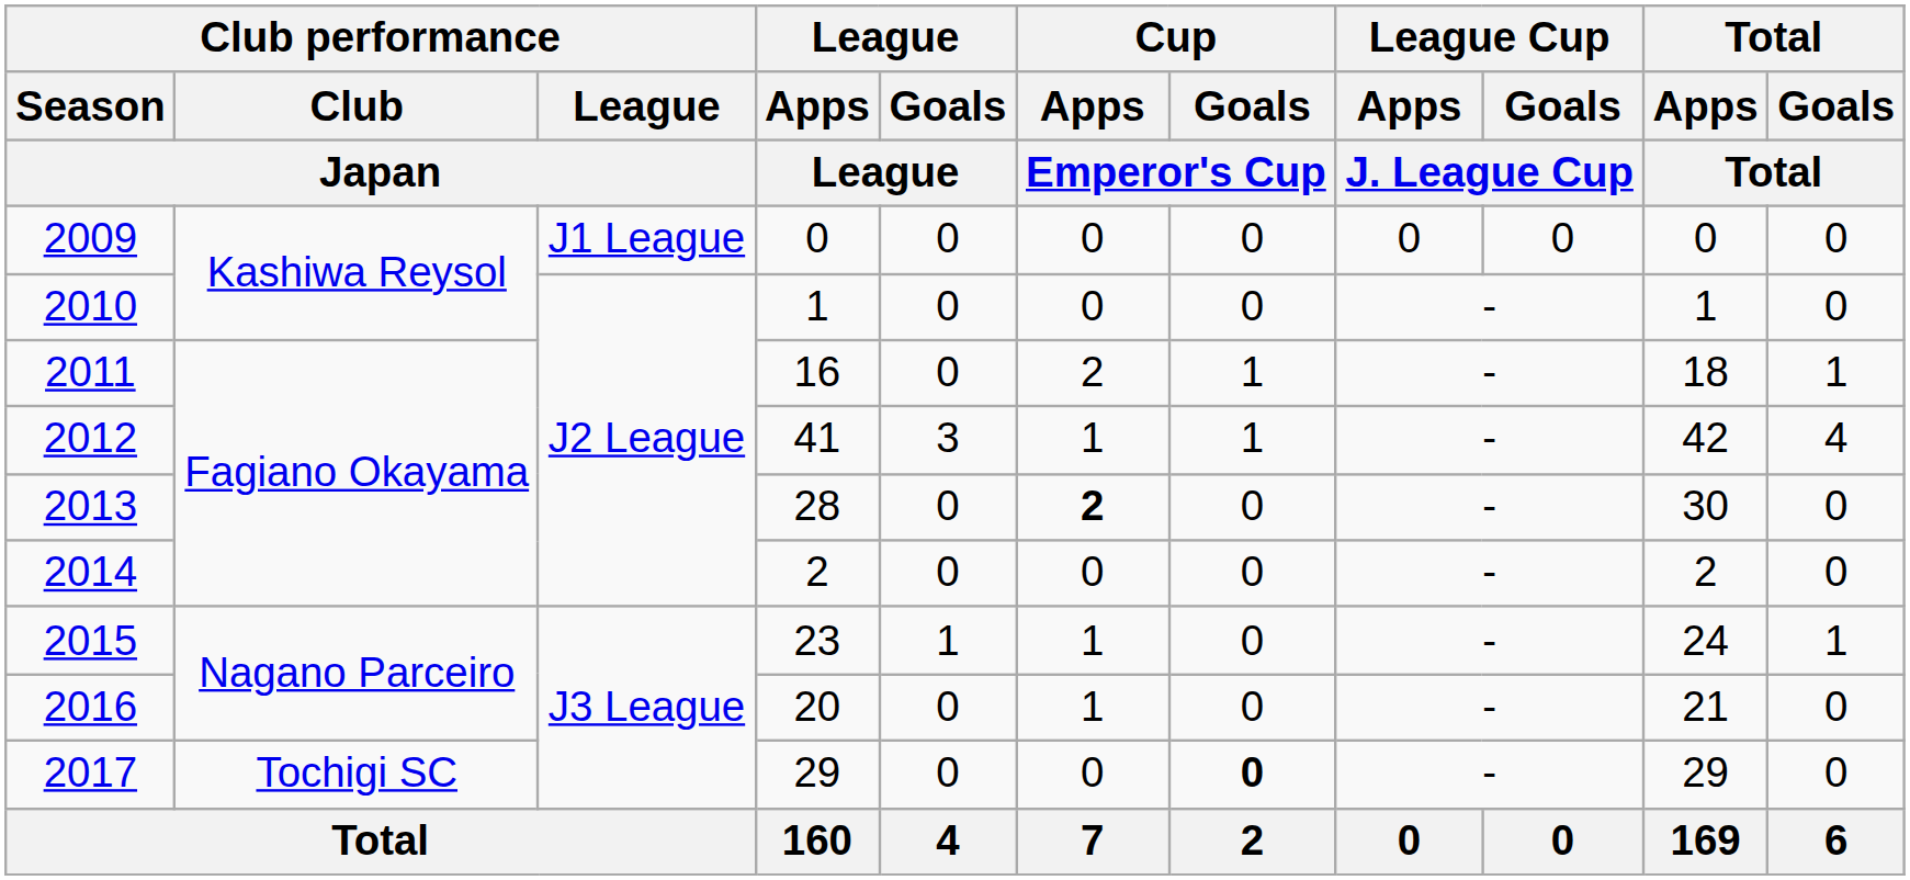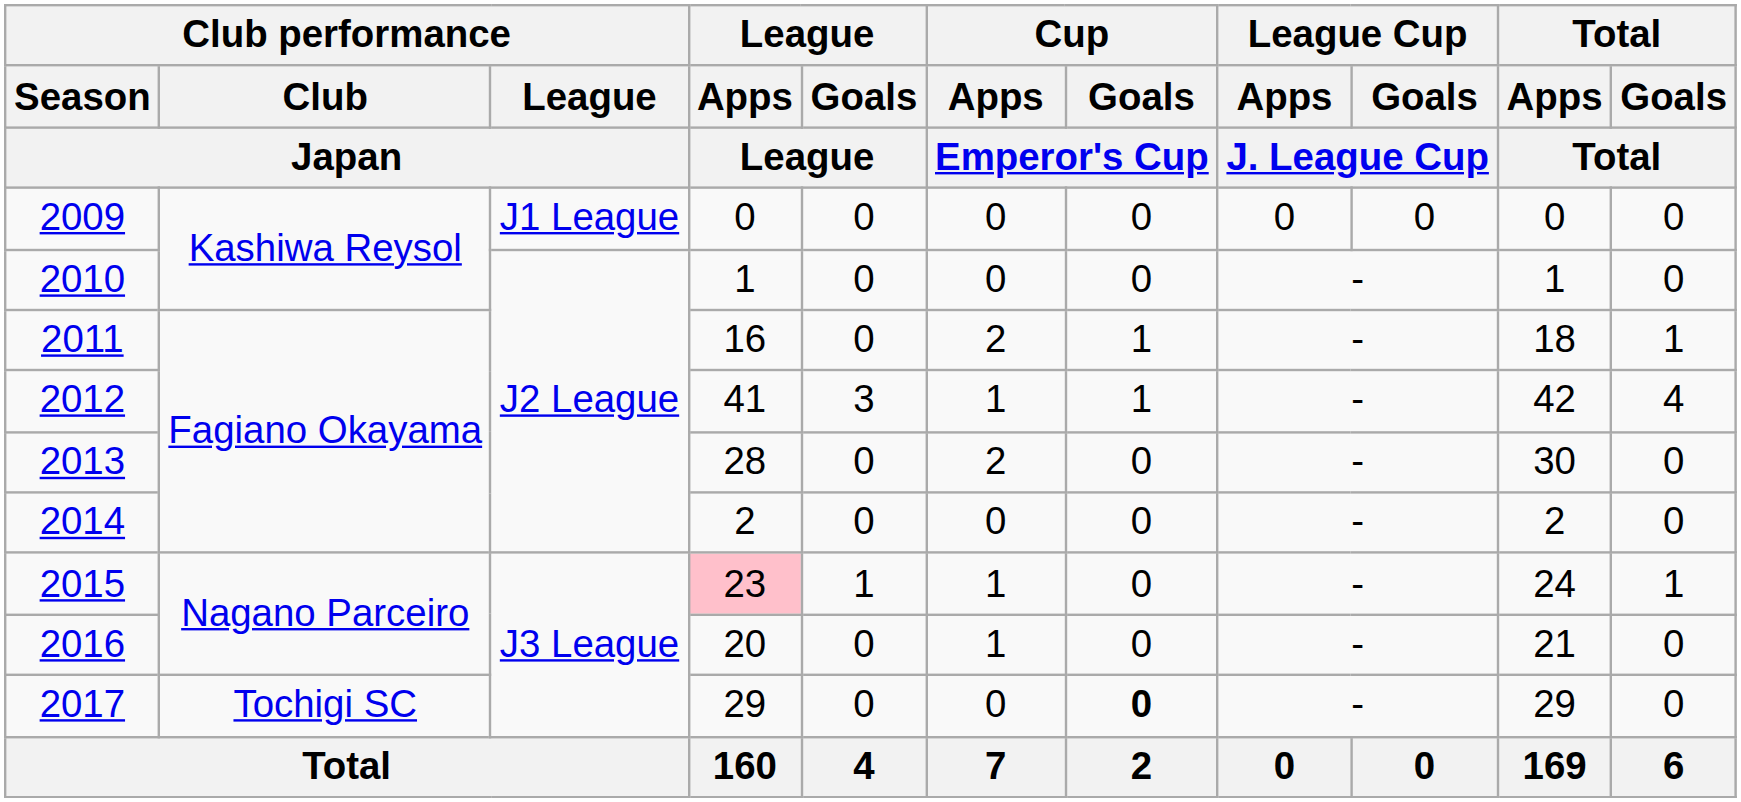 <table class="wikitable" style="text-align:center;">
 <tr>
 <th colspan=3>Club performance</th>
 <th colspan=2>League</th>
 <th colspan=2>Cup</th>
 <th colspan=2>League Cup</th>
 <th colspan=2>Total</th>
 </tr>
 <tr>
 <th>Season</th>
 <th>Club</th>
 <th>League</th>
 <th>Apps</th>
 <th>Goals</th>
 <th>Apps</th>
 <th>Goals</th>
 <th>Apps</th>
 <th>Goals</th>
 <th>Apps</th>
 <th>Goals</th>
 </tr>
 <tr>
 <th colspan=3>Japan</th>
 <th colspan=2>League</th>
 <th colspan=2><a href='#'>Emperor's Cup</a></th>
 <th colspan=2><a href='#'>J. League Cup</a></th>
 <th colspan=2>Total</th>
 </tr>
 <tr>
 <td><a href='#'>2009</a></td>
 <td rowspan="2"><a href='#'>Kashiwa Reysol</a></td>
 <td><a href='#'>J1 League</a></td>
 <td>0</td>
 <td>0</td>
 <td>0</td>
 <td>0</td>
 <td>0</td>
 <td>0</td>
 <td>0</td>
 <td>0</td>
 </tr>
 <tr>
 <td><a href='#'>2010</a></td>
 <td rowspan="5"><a href='#'>J2 League</a></td>
 <td>1</td>
 <td>0</td>
 <td>0</td>
 <td>0</td>
 <td colspan="2">-</td>
 <td>1</td>
 <td>0</td>
 </tr>
 <tr>
 <td><a href='#'>2011</a></td>
 <td rowspan="4"><a href='#'>Fagiano Okayama</a></td>
 <td>16</td>
 <td>0</td>
 <td>2</td>
 <td>1</td>
 <td colspan="2">-</td>
 <td>18</td>
 <td>1</td>
 </tr>
 <tr>
 <td><a href='#'>2012</a></td>
 <td>41</td>
 <td>3</td>
 <td>1</td>
 <td>1</td>
 <td colspan="2">-</td>
 <td>42</td>
 <td>4</td>
 </tr>
 <tr>
 <td><a href='#'>2013</a></td>
 <td>28</td>
 <td>0</td>
-<td><strong>2</strong></td>
+<td>2</td>
 <td>0</td>
 <td colspan="2">-</td>
 <td>30</td>
 <td>0</td>
 </tr>
 <tr>
 <td><a href='#'>2014</a></td>
 <td>2</td>
 <td>0</td>
 <td>0</td>
 <td>0</td>
 <td colspan="2">-</td>
 <td>2</td>
 <td>0</td>
 </tr>
 <tr>
 <td><a href='#'>2015</a></td>
 <td rowspan="2"><a href='#'>Nagano Parceiro</a></td>
 <td rowspan="3"><a href='#'>J3 League</a></td>
-<td>23</td>
+<td style="background: pink;">23</td>
 <td>1</td>
 <td>1</td>
 <td>0</td>
 <td colspan="2">-</td>
 <td>24</td>
 <td>1</td>
 </tr>
 <tr>
 <td><a href='#'>2016</a></td>
 <td>20</td>
 <td>0</td>
 <td>1</td>
 <td>0</td>
 <td colspan="2">-</td>
 <td>21</td>
 <td>0</td>
 </tr>
 <tr>
 <td><a href='#'>2017</a></td>
 <td rowspan="1"><a href='#'>Tochigi SC</a></td>
 <td>29</td>
 <td>0</td>
 <td>0</td>
 <td><strong>0</strong></td>
 <td colspan="2">-</td>
 <td>29</td>
 <td>0</td>
 </tr>
 <tr>
 <th colspan=3>Total</th>
 <th>160</th>
 <th>4</th>
 <th>7</th>
 <th>2</th>
 <th>0</th>
 <th>0</th>
 <th>169</th>
 <th>6</th>
 </tr>
 </table>
